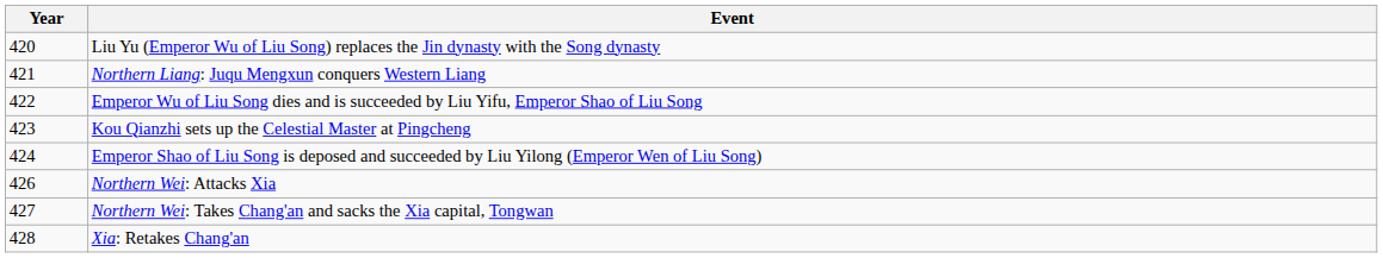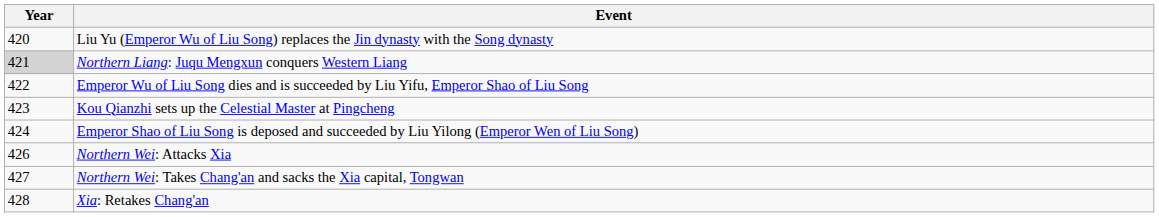 <table class="wikitable" style="width:100%;">
 <tr>
 <th style="width:6%">Year</th>
 <th>Event</th>
 </tr>
 <tr>
 <td>420</td>
 <td>Liu Yu (<a href='#'>Emperor Wu of Liu Song</a>) replaces the <a href='#'>Jin dynasty</a> with the <a href='#'>Song dynasty</a></td>
 </tr>
 <tr>
-<td>421</td>
+<td style="background: lightgrey;">421</td>
 <td><em><a href='#'>Northern Liang</a></em>: <a href='#'>Juqu Mengxun</a> conquers <a href='#'>Western Liang</a></td>
 </tr>
 <tr>
 <td>422</td>
 <td><a href='#'>Emperor Wu of Liu Song</a> dies and is succeeded by Liu Yifu, <a href='#'>Emperor Shao of Liu Song</a></td>
 </tr>
 <tr>
 <td>423</td>
 <td><a href='#'>Kou Qianzhi</a> sets up the <a href='#'>Celestial Master</a> at <a href='#'>Pingcheng</a></td>
 </tr>
 <tr>
 <td>424</td>
 <td><a href='#'>Emperor Shao of Liu Song</a> is deposed and succeeded by Liu Yilong (<a href='#'>Emperor Wen of Liu Song</a>)</td>
 </tr>
 <tr>
 <td>426</td>
 <td><em><a href='#'>Northern Wei</a></em>: Attacks <a href='#'>Xia</a></td>
 </tr>
 <tr>
 <td>427</td>
 <td><em><a href='#'>Northern Wei</a></em>: Takes <a href='#'>Chang'an</a> and sacks the <a href='#'>Xia</a> capital, <a href='#'>Tongwan</a></td>
 </tr>
 <tr>
 <td>428</td>
 <td><em><a href='#'>Xia</a></em>: Retakes <a href='#'>Chang'an</a></td>
 </tr>
 </table>
